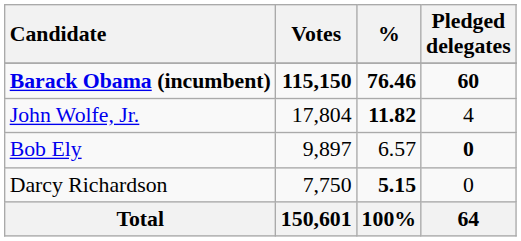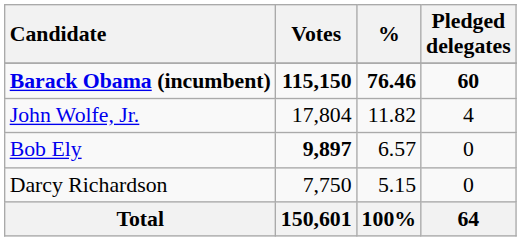 <table class="wikitable sortable plainrowheaders" style="text-align:right;">
 <tr>
 <th style="text-align:left;">Candidate</th>
 <th>Votes</th>
 <th>%</th>
 <th>Pledged<br>delegates</th>
 </tr>
 <tr>
 </tr>
 <tr>
 <td style="text-align:left;"><strong><a href='#'>Barack Obama</a></strong> <strong>(incumbent)</strong></td>
 <td><strong>115,150</strong></td>
 <td><strong>76.46</strong></td>
 <td style="text-align:center;"><strong>60</strong></td>
 </tr>
 <tr>
 <td style="text-align:left;"><a href='#'>John Wolfe, Jr.</a></td>
 <td>17,804</td>
-<td><strong>11.82</strong></td>
+<td>11.82</td>
 <td style="text-align:center;">4</td>
 </tr>
 <tr>
 <td style="text-align:left;"><a href='#'>Bob Ely</a></td>
-<td>9,897</td>
+<td><strong>9,897</strong></td>
 <td>6.57</td>
-<td style="text-align:center;"><strong>0</strong></td>
+<td style="text-align:center;">0</td>
 </tr>
 <tr>
 <td style="text-align:left;">Darcy Richardson</td>
 <td>7,750</td>
-<td><strong>5.15</strong></td>
+<td>5.15</td>
 <td style="text-align:center;">0</td>
 </tr>
 <tr class="sortbottom">
 <th>Total</th>
 <th>150,601</th>
 <th>100%</th>
 <th>64</th>
 </tr>
 </table>
